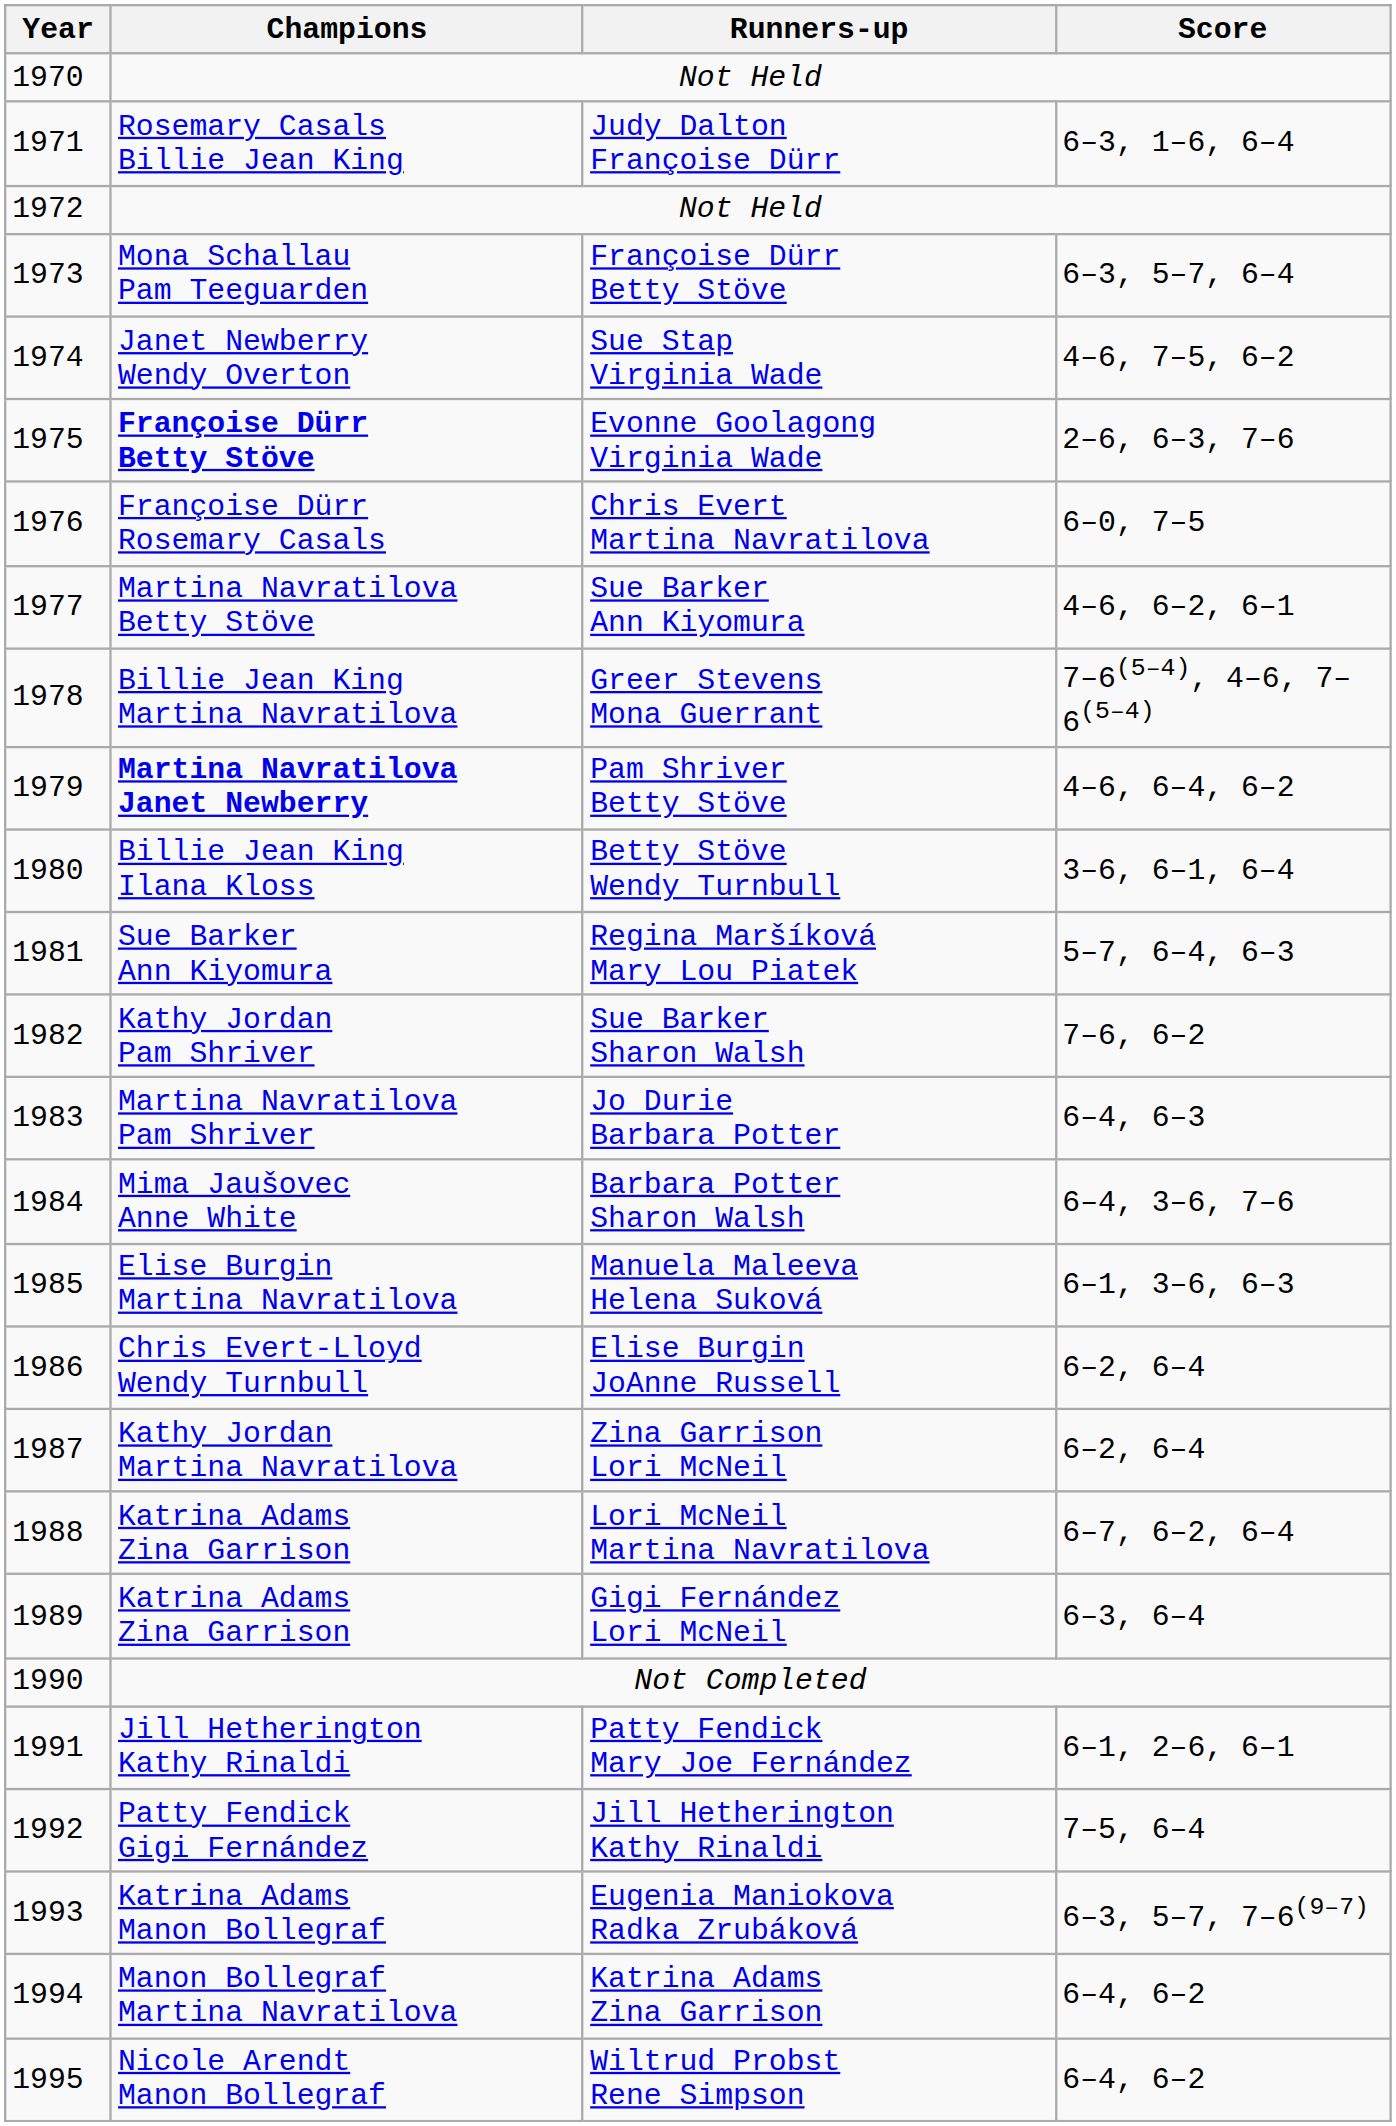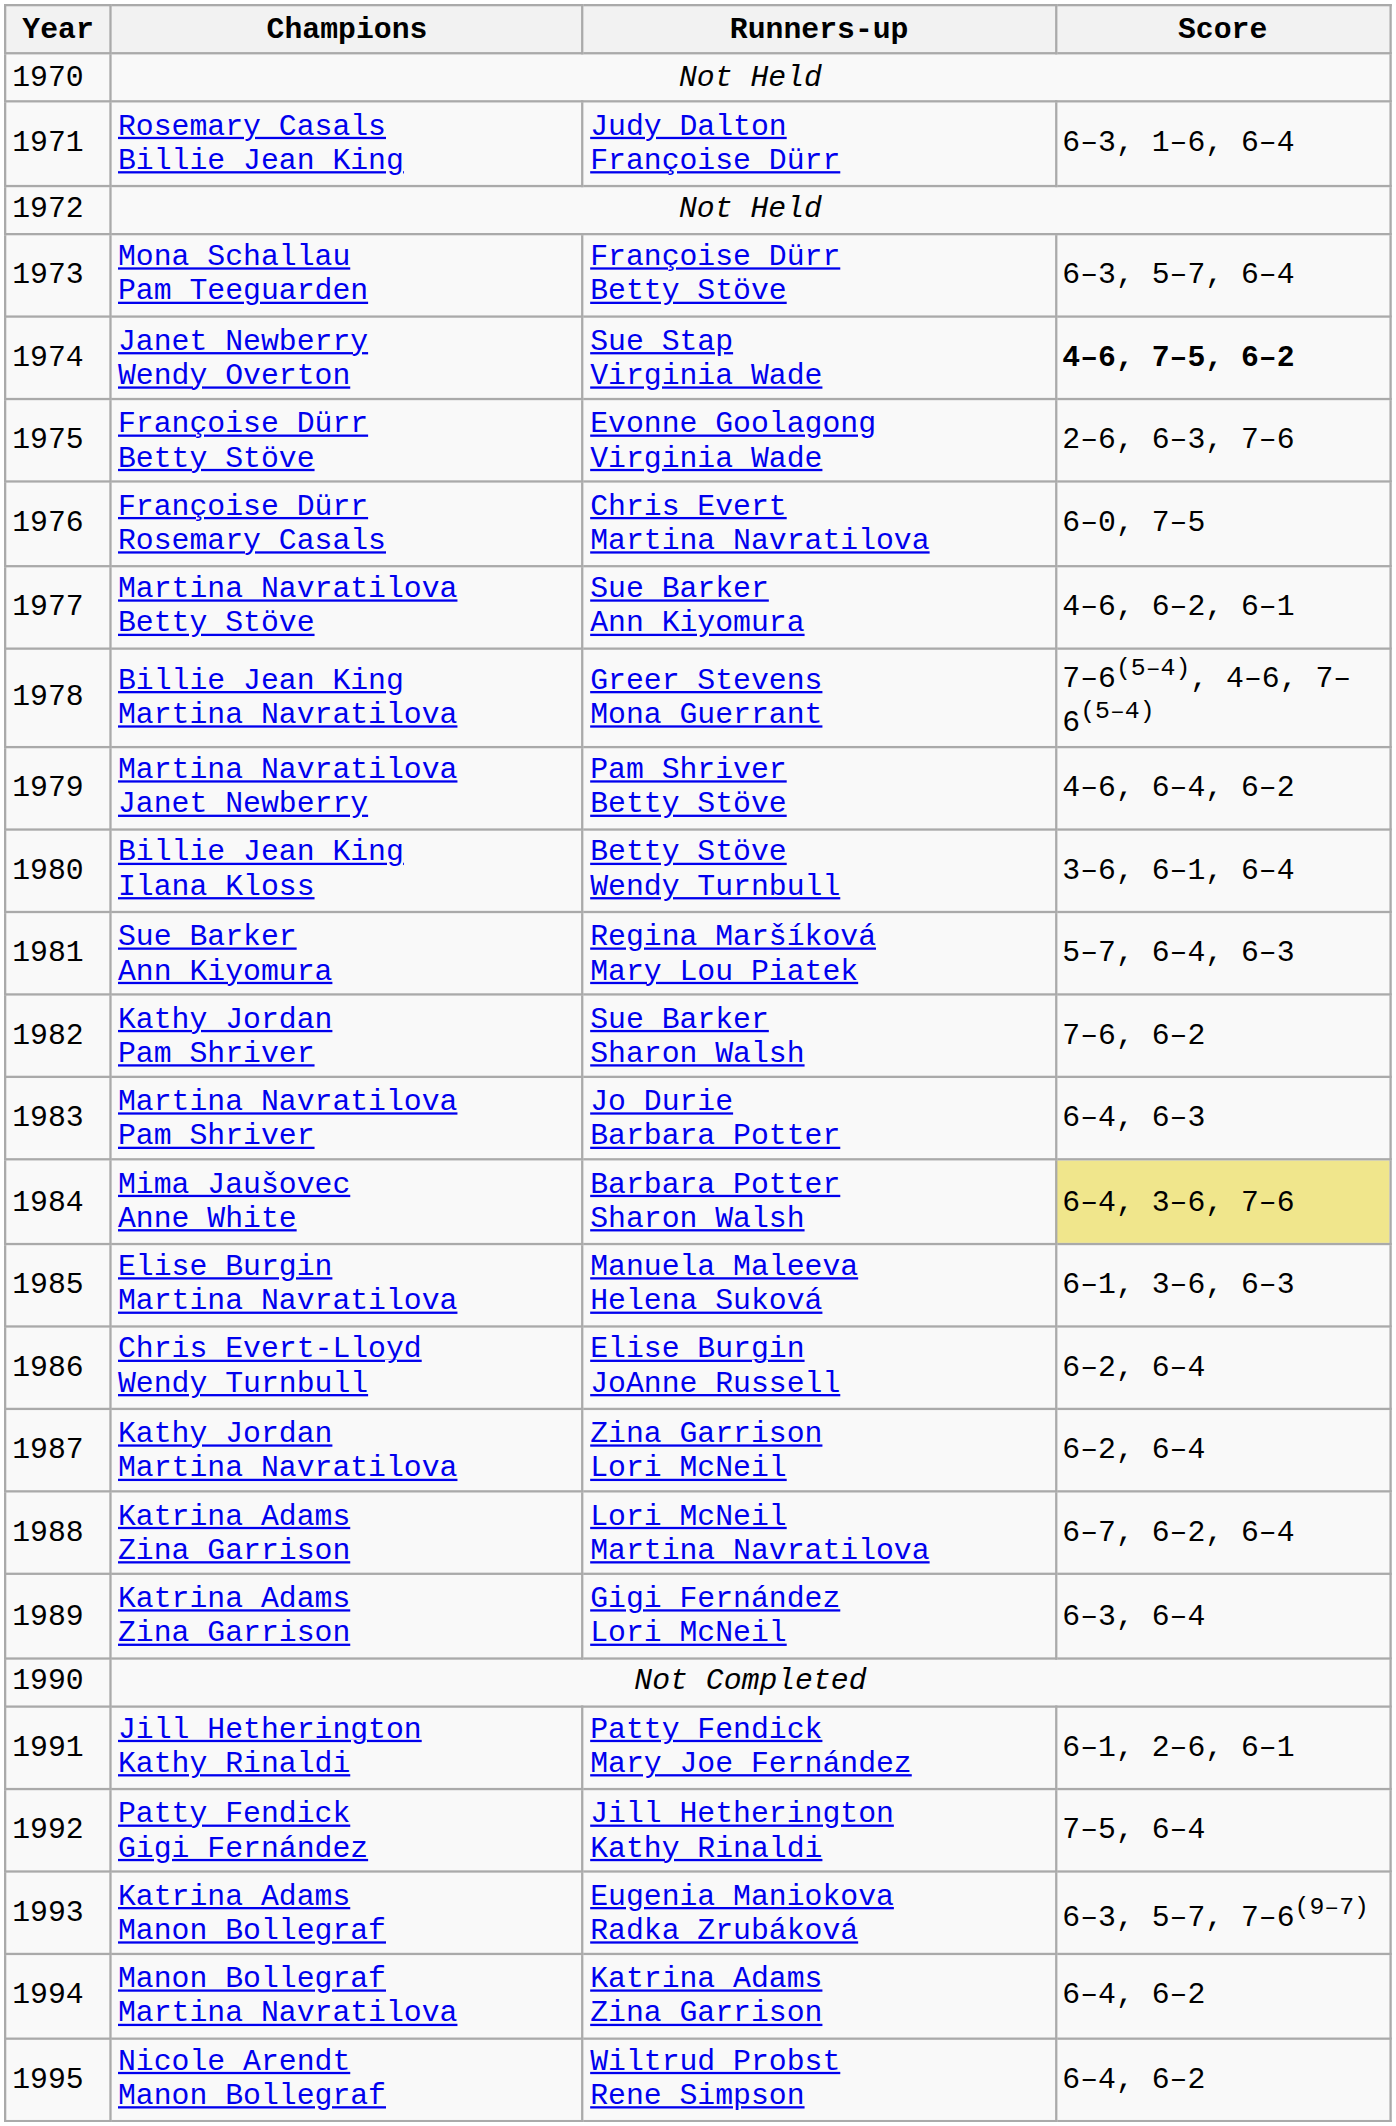 <table class="wikitable">
 <tr>
 <th style="width:40px">Year</th>
 <th style="width:200px">Champions</th>
 <th style="width:200px">Runners-up</th>
 <th style="width:140px" class="unsortable">Score</th>
 </tr>
 <tr>
 <td>1970</td>
 <td colspan=3 align=center><em>Not Held</em></td>
 </tr>
 <tr>
 <td>1971</td>
 <td> <a href='#'>Rosemary Casals</a> <br>  <a href='#'>Billie Jean King</a></td>
 <td> <a href='#'>Judy Dalton</a> <br>  <a href='#'>Françoise Dürr</a></td>
 <td>6–3, 1–6, 6–4</td>
 </tr>
 <tr>
 <td>1972</td>
 <td colspan=3 align=center><em>Not Held</em></td>
 </tr>
 <tr>
 <td>1973</td>
 <td> <a href='#'>Mona Schallau</a> <br>  <a href='#'>Pam Teeguarden</a></td>
 <td> <a href='#'>Françoise Dürr</a> <br>  <a href='#'>Betty Stöve</a></td>
 <td>6–3, 5–7, 6–4</td>
 </tr>
 <tr>
 <td>1974</td>
 <td> <a href='#'>Janet Newberry</a> <br>  <a href='#'>Wendy Overton</a></td>
 <td> <a href='#'>Sue Stap</a> <br>  <a href='#'>Virginia Wade</a></td>
-<td>4–6, 7–5, 6–2</td>
+<td><strong>4–6, 7–5, 6–2</strong></td>
 </tr>
 <tr>
 <td>1975</td>
-<td><strong> <a href='#'>Françoise Dürr</a> <br>  <a href='#'>Betty Stöve</a></strong></td>
+<td> <a href='#'>Françoise Dürr</a> <br>  <a href='#'>Betty Stöve</a></td>
 <td> <a href='#'>Evonne Goolagong</a> <br>  <a href='#'>Virginia Wade</a></td>
 <td>2–6, 6–3, 7–6</td>
 </tr>
 <tr>
 <td>1976</td>
 <td> <a href='#'>Françoise Dürr</a> <br>  <a href='#'>Rosemary Casals</a></td>
 <td> <a href='#'>Chris Evert</a> <br>  <a href='#'>Martina Navratilova</a></td>
 <td>6–0, 7–5</td>
 </tr>
 <tr>
 <td>1977</td>
 <td> <a href='#'>Martina Navratilova</a> <br>  <a href='#'>Betty Stöve</a></td>
 <td> <a href='#'>Sue Barker</a> <br>  <a href='#'>Ann Kiyomura</a></td>
 <td>4–6, 6–2, 6–1</td>
 </tr>
 <tr>
 <td>1978</td>
 <td> <a href='#'>Billie Jean King</a> <br>  <a href='#'>Martina Navratilova</a></td>
 <td> <a href='#'>Greer Stevens</a> <br>  <a href='#'>Mona Guerrant</a></td>
 <td>7–6<sup>(5–4)</sup>, 4–6, 7–6<sup>(5–4)</sup></td>
 </tr>
 <tr>
 <td>1979</td>
-<td><strong> <a href='#'>Martina Navratilova</a> <br>  <a href='#'>Janet Newberry</a></strong></td>
+<td> <a href='#'>Martina Navratilova</a> <br>  <a href='#'>Janet Newberry</a></td>
 <td> <a href='#'>Pam Shriver</a> <br>  <a href='#'>Betty Stöve</a></td>
 <td>4–6, 6–4, 6–2</td>
 </tr>
 <tr>
 <td>1980</td>
 <td> <a href='#'>Billie Jean King</a> <br>  <a href='#'>Ilana Kloss</a></td>
 <td> <a href='#'>Betty Stöve</a> <br>  <a href='#'>Wendy Turnbull</a></td>
 <td>3–6, 6–1, 6–4</td>
 </tr>
 <tr>
 <td>1981</td>
 <td> <a href='#'>Sue Barker</a> <br>  <a href='#'>Ann Kiyomura</a></td>
 <td> <a href='#'>Regina Maršíková</a> <br>  <a href='#'>Mary Lou Piatek</a></td>
 <td>5–7, 6–4, 6–3</td>
 </tr>
 <tr>
 <td>1982</td>
 <td> <a href='#'>Kathy Jordan</a> <br>  <a href='#'>Pam Shriver</a></td>
 <td> <a href='#'>Sue Barker</a> <br>  <a href='#'>Sharon Walsh</a></td>
 <td>7–6, 6–2</td>
 </tr>
 <tr>
 <td>1983</td>
 <td> <a href='#'>Martina Navratilova</a> <br>  <a href='#'>Pam Shriver</a></td>
 <td> <a href='#'>Jo Durie</a> <br>  <a href='#'>Barbara Potter</a></td>
 <td>6–4, 6–3</td>
 </tr>
 <tr>
 <td>1984</td>
 <td> <a href='#'>Mima Jaušovec</a> <br>  <a href='#'>Anne White</a></td>
 <td> <a href='#'>Barbara Potter</a> <br>  <a href='#'>Sharon Walsh</a></td>
-<td>6–4, 3–6, 7–6</td>
+<td style="background: khaki;">6–4, 3–6, 7–6</td>
 </tr>
 <tr>
 <td>1985</td>
 <td> <a href='#'>Elise Burgin</a> <br>  <a href='#'>Martina Navratilova</a></td>
 <td> <a href='#'>Manuela Maleeva</a> <br>  <a href='#'>Helena Suková</a></td>
 <td>6–1, 3–6, 6–3</td>
 </tr>
 <tr>
 <td>1986</td>
 <td> <a href='#'>Chris Evert-Lloyd</a> <br>  <a href='#'>Wendy Turnbull</a></td>
 <td> <a href='#'>Elise Burgin</a> <br>  <a href='#'>JoAnne Russell</a></td>
 <td>6–2, 6–4</td>
 </tr>
 <tr>
 <td>1987</td>
 <td> <a href='#'>Kathy Jordan</a> <br>  <a href='#'>Martina Navratilova</a></td>
 <td> <a href='#'>Zina Garrison</a> <br>  <a href='#'>Lori McNeil</a></td>
 <td>6–2, 6–4</td>
 </tr>
 <tr>
 <td>1988</td>
 <td> <a href='#'>Katrina Adams</a> <br>  <a href='#'>Zina Garrison</a></td>
 <td> <a href='#'>Lori McNeil</a> <br>  <a href='#'>Martina Navratilova</a></td>
 <td>6–7, 6–2, 6–4</td>
 </tr>
 <tr>
 <td>1989</td>
 <td> <a href='#'>Katrina Adams</a> <br>  <a href='#'>Zina Garrison</a></td>
 <td> <a href='#'>Gigi Fernández</a> <br>  <a href='#'>Lori McNeil</a></td>
 <td>6–3, 6–4</td>
 </tr>
 <tr>
 <td>1990</td>
 <td colspan=3 align=center><em>Not Completed</em></td>
 </tr>
 <tr>
 <td>1991</td>
 <td> <a href='#'>Jill Hetherington</a> <br>  <a href='#'>Kathy Rinaldi</a></td>
 <td> <a href='#'>Patty Fendick</a> <br>  <a href='#'>Mary Joe Fernández</a></td>
 <td>6–1, 2–6, 6–1</td>
 </tr>
 <tr>
 <td>1992</td>
 <td> <a href='#'>Patty Fendick</a> <br>  <a href='#'>Gigi Fernández</a></td>
 <td> <a href='#'>Jill Hetherington</a> <br>  <a href='#'>Kathy Rinaldi</a></td>
 <td>7–5, 6–4</td>
 </tr>
 <tr>
 <td>1993</td>
 <td> <a href='#'>Katrina Adams</a> <br>  <a href='#'>Manon Bollegraf</a></td>
 <td> <a href='#'>Eugenia Maniokova</a> <br>  <a href='#'>Radka Zrubáková</a></td>
 <td>6–3, 5–7, 7–6<sup>(9–7)</sup></td>
 </tr>
 <tr>
 <td>1994</td>
 <td> <a href='#'>Manon Bollegraf</a> <br>  <a href='#'>Martina Navratilova</a></td>
 <td> <a href='#'>Katrina Adams</a> <br>  <a href='#'>Zina Garrison</a></td>
 <td>6–4, 6–2</td>
 </tr>
 <tr>
 <td>1995</td>
 <td> <a href='#'>Nicole Arendt</a> <br>  <a href='#'>Manon Bollegraf</a></td>
 <td> <a href='#'>Wiltrud Probst</a> <br>  <a href='#'>Rene Simpson</a></td>
 <td>6–4, 6–2</td>
 </tr>
 </table>
